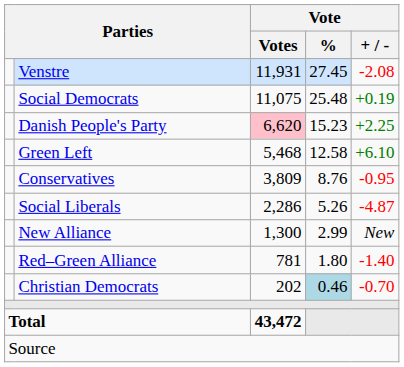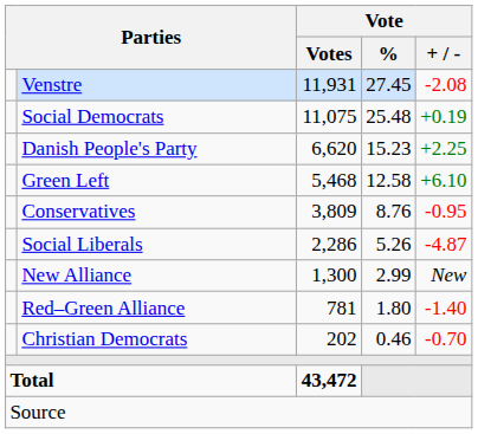 <table class="wikitable" style="text-align:right;">
 <tr>
 <th style="text-align:centre;" rowspan="2" colspan="2" width="225">Parties</th>
 <th colspan="3">Vote</th>
 </tr>
 <tr>
 <th width="15">Votes</th>
 <th width="15">%</th>
 <th width="15">+ / -</th>
 </tr>
 <tr>
 <td width="2" style="color:inherit;background:"></td>
 <td bgcolor=#cfe5fe  align="left"><a href='#'>Venstre</a></td>
 <td bgcolor=#cfe5fe>11,931</td>
 <td bgcolor=#cfe5fe>27.45</td>
 <td style=color:red;>-2.08</td>
 </tr>
 <tr>
 <td width="2" style="color:inherit;background:"></td>
 <td align="left"><a href='#'>Social Democrats</a></td>
 <td>11,075</td>
 <td>25.48</td>
 <td style=color:green;>+0.19</td>
 </tr>
 <tr>
 <td width="2" style="color:inherit;background:"></td>
 <td align="left"><a href='#'>Danish People's Party</a></td>
-<td style="background: pink;">6,620</td>
+<td>6,620</td>
 <td>15.23</td>
 <td style=color:green;>+2.25</td>
 </tr>
 <tr>
 <td width="2" style="color:inherit;background:"></td>
 <td align="left"><a href='#'>Green Left</a></td>
 <td>5,468</td>
 <td>12.58</td>
 <td style=color:green;>+6.10</td>
 </tr>
 <tr>
 <td width="2" style="color:inherit;background:"></td>
 <td align="left"><a href='#'>Conservatives</a></td>
 <td>3,809</td>
 <td>8.76</td>
 <td style=color:red;>-0.95</td>
 </tr>
 <tr>
 <td width="2" style="color:inherit;background:"></td>
 <td align="left"><a href='#'>Social Liberals</a></td>
 <td>2,286</td>
 <td>5.26</td>
 <td style=color:red;>-4.87</td>
 </tr>
 <tr>
 <td width="2" style="color:inherit;background:"></td>
 <td align="left"><a href='#'>New Alliance</a></td>
 <td>1,300</td>
 <td>2.99</td>
 <td><em>New</em></td>
 </tr>
 <tr>
 <td width="2" style="color:inherit;background:"></td>
 <td align="left"><a href='#'>Red–Green Alliance</a></td>
 <td>781</td>
 <td>1.80</td>
 <td style=color:red;>-1.40</td>
 </tr>
 <tr>
 <td width="2" style="color:inherit;background:"></td>
 <td align="left"><a href='#'>Christian Democrats</a></td>
 <td>202</td>
-<td style="background: lightblue;">0.46</td>
+<td>0.46</td>
 <td style=color:red;>-0.70</td>
 </tr>
 <tr>
 <td colspan="7" bgcolor="#E9E9E9"></td>
 </tr>
 <tr>
 <td align="left" colspan="2"><strong>Total</strong></td>
 <td><strong>43,472</strong></td>
 <td bgcolor="#E9E9E9" colspan="2"></td>
 </tr>
 <tr>
 <td align="left" colspan="6">Source</td>
 </tr>
 </table>
